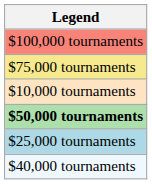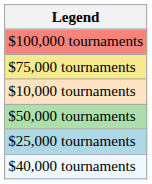 <table class=wikitable style="font-size:85%">
 <tr>
 <th>Legend</th>
 </tr>
 <tr style="background:#f88379;">
 <td>$100,000 tournaments</td>
 </tr>
 <tr style="background:#f7e98e;">
 <td>$75,000 tournaments</td>
 </tr>
 <tr style="background:#ffe4c4;">
 <td>$10,000 tournaments</td>
 </tr>
 <tr style="background:#addfad;">
-<td><strong>$50,000 tournaments</strong></td>
+<td>$50,000 tournaments</td>
 </tr>
 <tr style="background:lightblue;">
 <td>$25,000 tournaments</td>
 </tr>
 <tr style="background:#f0f8ff;">
 <td>$40,000 tournaments</td>
 </tr>
 </table>
